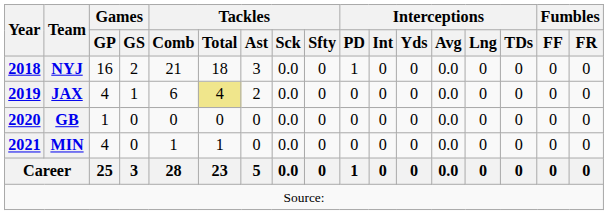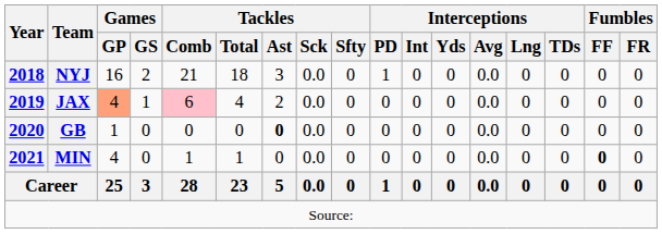 <table class="wikitable" style="text-align: center;">
 <tr>
 <th rowspan="2">Year</th>
 <th rowspan="2">Team</th>
 <th colspan="2">Games</th>
 <th colspan="5">Tackles</th>
 <th colspan="6">Interceptions</th>
 <th colspan="2">Fumbles</th>
 </tr>
 <tr>
 <th>GP</th>
 <th>GS</th>
 <th>Comb</th>
 <th>Total</th>
 <th>Ast</th>
 <th>Sck</th>
 <th>Sfty</th>
 <th>PD</th>
 <th>Int</th>
 <th>Yds</th>
 <th>Avg</th>
 <th>Lng</th>
 <th>TDs</th>
 <th>FF</th>
 <th>FR</th>
 </tr>
 <tr>
 <th><a href='#'>2018</a></th>
 <th><a href='#'>NYJ</a></th>
 <td>16</td>
 <td>2</td>
 <td>21</td>
 <td>18</td>
 <td>3</td>
 <td>0.0</td>
 <td>0</td>
 <td>1</td>
 <td>0</td>
 <td>0</td>
 <td>0.0</td>
 <td>0</td>
 <td>0</td>
 <td>0</td>
 <td>0</td>
 </tr>
 <tr>
 <th><a href='#'>2019</a></th>
 <th><a href='#'>JAX</a></th>
+<td style="background: lightsalmon;">4</td>
+<td>1</td>
+<td style="background: pink;">6</td>
 <td>4</td>
-<td>1</td>
-<td>6</td>
-<td style="background: khaki;">4</td>
 <td>2</td>
 <td>0.0</td>
 <td>0</td>
 <td>0</td>
 <td>0</td>
 <td>0</td>
 <td>0.0</td>
 <td>0</td>
 <td>0</td>
 <td>0</td>
 <td>0</td>
 </tr>
 <tr>
 <th><a href='#'>2020</a></th>
 <th><a href='#'>GB</a></th>
 <td>1</td>
 <td>0</td>
 <td>0</td>
 <td>0</td>
-<td>0</td>
+<td><strong>0</strong></td>
 <td>0.0</td>
 <td>0</td>
 <td>0</td>
 <td>0</td>
 <td>0</td>
 <td>0.0</td>
 <td>0</td>
 <td>0</td>
 <td>0</td>
 <td>0</td>
 </tr>
 <tr>
 <th><a href='#'>2021</a></th>
 <th><a href='#'>MIN</a></th>
 <td>4</td>
 <td>0</td>
 <td>1</td>
 <td>1</td>
 <td>0</td>
 <td>0.0</td>
 <td>0</td>
 <td>0</td>
 <td>0</td>
 <td>0</td>
 <td>0.0</td>
 <td>0</td>
 <td>0</td>
-<td>0</td>
+<td><strong>0</strong></td>
 <td>0</td>
 </tr>
 <tr>
 <th colspan="2">Career</th>
 <th>25</th>
 <th>3</th>
 <th>28</th>
 <th>23</th>
 <th>5</th>
 <th>0.0</th>
 <th>0</th>
 <th>1</th>
 <th>0</th>
 <th>0</th>
 <th>0.0</th>
 <th>0</th>
 <th>0</th>
 <th>0</th>
 <th>0</th>
 </tr>
 <tr>
 <td colspan="17"><small>Source: </small></td>
 </tr>
 </table>
